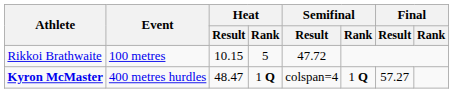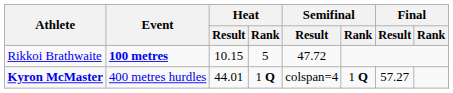 <table class="wikitable" style="font-size:90%">
 <tr>
 <th rowspan="2">Athlete</th>
 <th rowspan="2">Event</th>
 <th colspan="2">Heat</th>
 <th colspan="2">Semifinal</th>
 <th colspan="2">Final</th>
 </tr>
 <tr style="font-size:95%">
 <th>Result</th>
 <th>Rank</th>
 <th>Result</th>
 <th>Rank</th>
 <th>Result</th>
 <th>Rank</th>
 </tr>
 <tr style=text-align:center>
 <td style=text-align:left><a href='#'>Rikkoi Brathwaite</a></td>
-<td style=text-align:left><a href='#'>100 metres</a></td>
+<td style=text-align:left><strong><a href='#'>100 metres</a></strong></td>
 <td>10.15</td>
 <td>5</td>
 <td>47.72</td>
 </tr>
 <tr style=text-align:center>
 <td style=text-align:left><strong><a href='#'>Kyron McMaster</a></strong></td>
 <td style=text-align:left><a href='#'>400 metres hurdles</a></td>
-<td>48.47</td>
+<td>44.01</td>
 <td>1 <strong>Q</strong></td>
 <td>colspan=4 </td>
 <td>1 <strong>Q</strong></td>
 <td>57.27</td>
 <td></td>
 </tr>
 </table>
